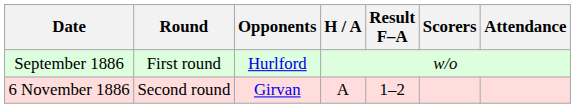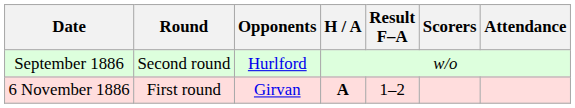 <table class="wikitable" style="text-align:center">
 <tr>
 <th>Date</th>
 <th>Round</th>
 <th>Opponents</th>
 <th>H / A</th>
 <th>Result<br>F–A</th>
 <th>Scorers</th>
 <th>Attendance</th>
 </tr>
 <tr bgcolor=#ddffdd>
 <td>September 1886</td>
-<td>First round</td>
+<td>Second round</td>
 <td><a href='#'>Hurlford</a></td>
 <td colspan="4"><em>w/o</em></td>
 </tr>
 <tr bgcolor=#ffdddd>
 <td>6 November 1886</td>
-<td>Second round</td>
+<td>First round</td>
 <td><a href='#'>Girvan</a></td>
-<td>A</td>
+<td><strong>A</strong></td>
 <td>1–2</td>
 <td></td>
 <td></td>
 </tr>
 </table>
